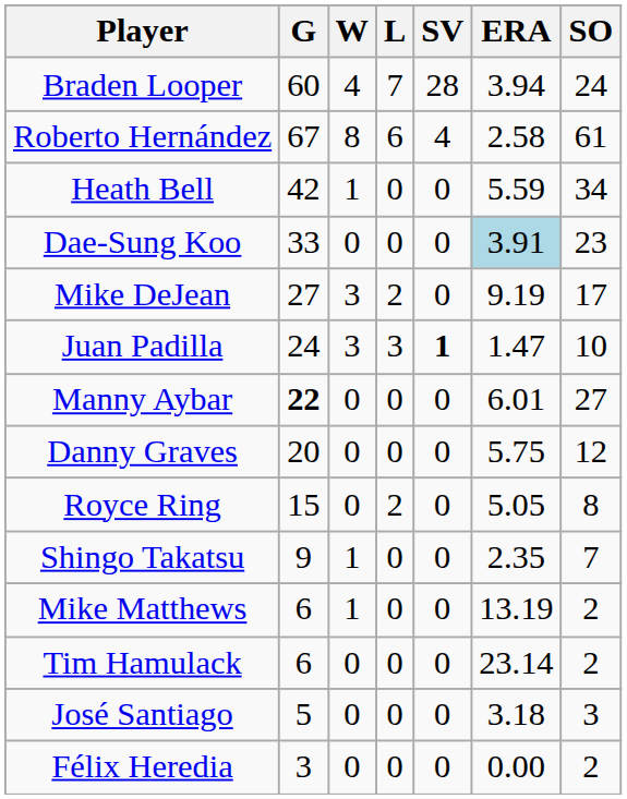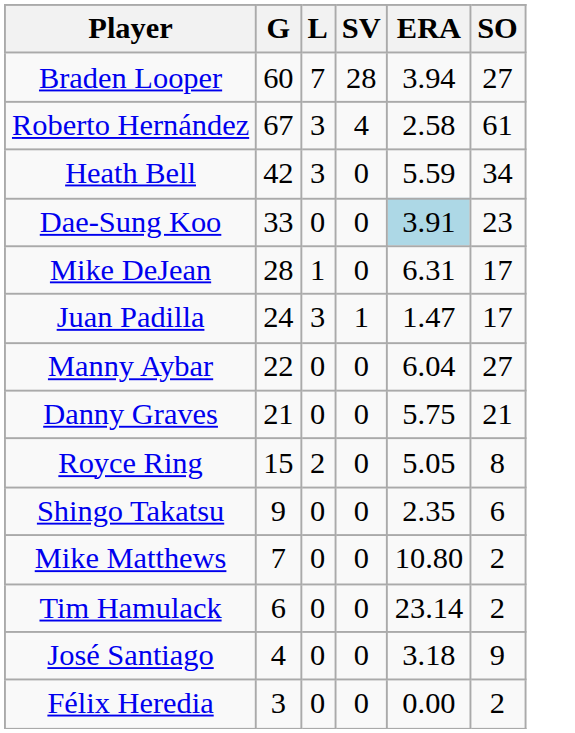 <table class="wikitable sortable">
 <tr>
 <th>Player</th>
 <th>G</th>
-<th>W</th>
 <th>L</th>
 <th>SV</th>
 <th>ERA</th>
 <th>SO</th>
 </tr>
 <tr align=center>
 <td><a href='#'>Braden Looper</a></td>
 <td>60</td>
-<td>4</td>
 <td>7</td>
 <td>28</td>
 <td>3.94</td>
-<td>24</td>
+<td>27</td>
 </tr>
 <tr align=center>
 <td><a href='#'>Roberto Hernández</a></td>
 <td>67</td>
-<td>8</td>
-<td>6</td>
+<td>3</td>
 <td>4</td>
 <td>2.58</td>
 <td>61</td>
 </tr>
 <tr align=center>
 <td><a href='#'>Heath Bell</a></td>
 <td>42</td>
-<td>1</td>
-<td>0</td>
+<td>3</td>
 <td>0</td>
 <td>5.59</td>
 <td>34</td>
 </tr>
 <tr align=center>
 <td><a href='#'>Dae-Sung Koo</a></td>
 <td>33</td>
 <td>0</td>
 <td>0</td>
-<td>0</td>
 <td style="background: lightblue;">3.91</td>
 <td>23</td>
 </tr>
 <tr align=center>
 <td><a href='#'>Mike DeJean</a></td>
-<td>27</td>
-<td>3</td>
-<td>2</td>
+<td>28</td>
+<td>1</td>
 <td>0</td>
-<td>9.19</td>
+<td>6.31</td>
 <td>17</td>
 </tr>
 <tr align=center>
 <td><a href='#'>Juan Padilla</a></td>
 <td>24</td>
 <td>3</td>
-<td>3</td>
-<td><strong>1</strong></td>
+<td>1</td>
 <td>1.47</td>
-<td>10</td>
+<td>17</td>
 </tr>
 <tr align=center>
 <td><a href='#'>Manny Aybar</a></td>
-<td><strong>22</strong></td>
+<td>22</td>
 <td>0</td>
 <td>0</td>
-<td>0</td>
-<td>6.01</td>
+<td>6.04</td>
 <td>27</td>
 </tr>
 <tr align=center>
 <td><a href='#'>Danny Graves</a></td>
-<td>20</td>
-<td>0</td>
+<td>21</td>
 <td>0</td>
 <td>0</td>
 <td>5.75</td>
-<td>12</td>
+<td>21</td>
 </tr>
 <tr align=center>
 <td><a href='#'>Royce Ring</a></td>
 <td>15</td>
-<td>0</td>
 <td>2</td>
 <td>0</td>
 <td>5.05</td>
 <td>8</td>
 </tr>
 <tr align=center>
 <td><a href='#'>Shingo Takatsu</a></td>
 <td>9</td>
-<td>1</td>
 <td>0</td>
 <td>0</td>
 <td>2.35</td>
-<td>7</td>
+<td>6</td>
 </tr>
 <tr align=center>
 <td><a href='#'>Mike Matthews</a></td>
-<td>6</td>
-<td>1</td>
+<td>7</td>
 <td>0</td>
 <td>0</td>
-<td>13.19</td>
+<td>10.80</td>
 <td>2</td>
 </tr>
 <tr align=center>
 <td><a href='#'>Tim Hamulack</a></td>
 <td>6</td>
 <td>0</td>
 <td>0</td>
-<td>0</td>
 <td>23.14</td>
 <td>2</td>
 </tr>
 <tr align=center>
 <td><a href='#'>José Santiago</a></td>
-<td>5</td>
-<td>0</td>
+<td>4</td>
 <td>0</td>
 <td>0</td>
 <td>3.18</td>
-<td>3</td>
+<td>9</td>
 </tr>
 <tr align=center>
 <td><a href='#'>Félix Heredia</a></td>
 <td>3</td>
 <td>0</td>
 <td>0</td>
-<td>0</td>
 <td>0.00</td>
 <td>2</td>
 </tr>
 </table>
